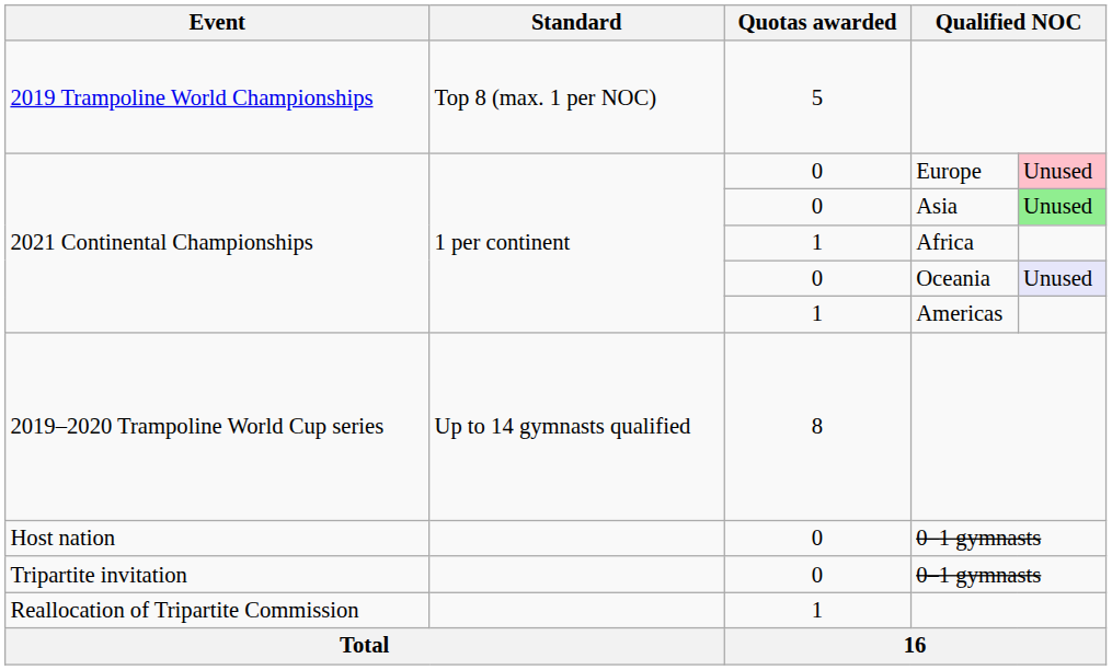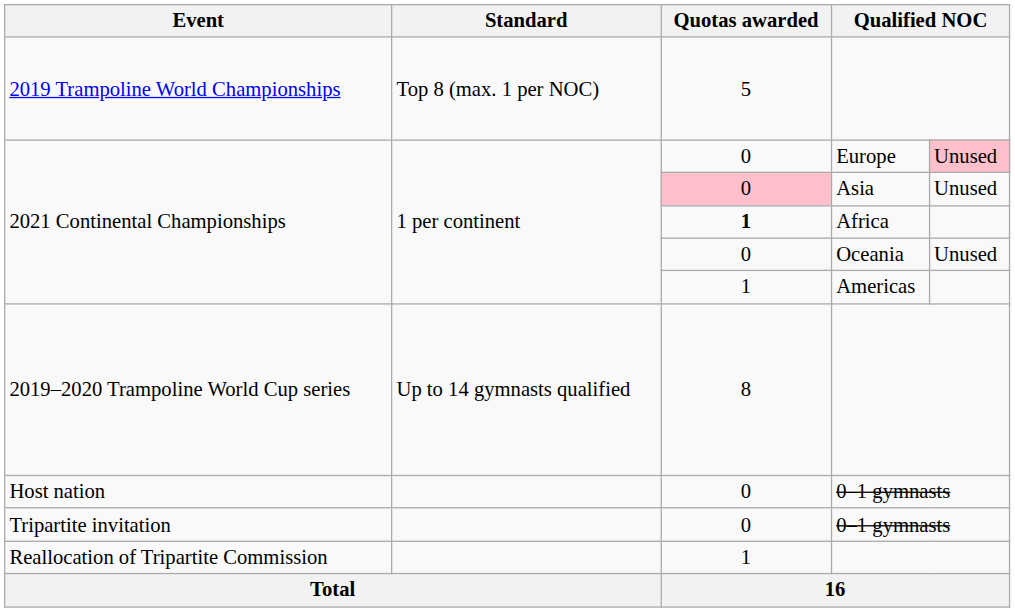 <table class="wikitable" style="width:780px;">
 <tr>
 <th>Event</th>
 <th>Standard</th>
 <th>Quotas awarded</th>
 <th colspan=2>Qualified NOC</th>
 </tr>
 <tr>
 <td><a href='#'>2019 Trampoline World Championships</a></td>
 <td>Top 8 (max. 1 per NOC)</td>
 <td align=center>5</td>
 <td colspan=2><br><br><br><br></td>
 </tr>
 <tr>
 <td rowspan=5>2021 Continental Championships</td>
 <td rowspan=5>1 per continent</td>
 <td align=center>0</td>
 <td>Europe</td>
 <td style="background: pink;">Unused</td>
 </tr>
 <tr>
-<td align=center>0</td>
+<td align=center style="background: pink;">0</td>
 <td>Asia</td>
-<td style="background: lightgreen;">Unused</td>
+<td>Unused</td>
 </tr>
 <tr>
-<td align=center>1</td>
+<td align=center><strong>1</strong></td>
 <td>Africa</td>
 <td></td>
 </tr>
 <tr>
 <td align=center>0</td>
 <td>Oceania</td>
-<td style="background: lavender;">Unused</td>
+<td>Unused</td>
 </tr>
 <tr>
 <td align=center>1</td>
 <td>Americas</td>
 <td></td>
 </tr>
 <tr>
 <td>2019–2020 Trampoline World Cup series</td>
 <td>Up to 14 gymnasts qualified</td>
 <td align=center>8</td>
 <td colspan=2><br><br><br><br><br><br><br></td>
 </tr>
 <tr>
 <td>Host nation</td>
 <td></td>
 <td align=center>0</td>
 <td colspan=2><s>0–1 gymnasts</s></td>
 </tr>
 <tr>
 <td>Tripartite invitation</td>
 <td></td>
 <td align=center>0</td>
 <td colspan=2><s>0–1 gymnasts</s></td>
 </tr>
 <tr>
 <td>Reallocation of Tripartite Commission</td>
 <td></td>
 <td align=center>1</td>
 <td colspan=2></td>
 </tr>
 <tr>
 <th colspan="2">Total</th>
 <th colspan=3>16</th>
 </tr>
 </table>
